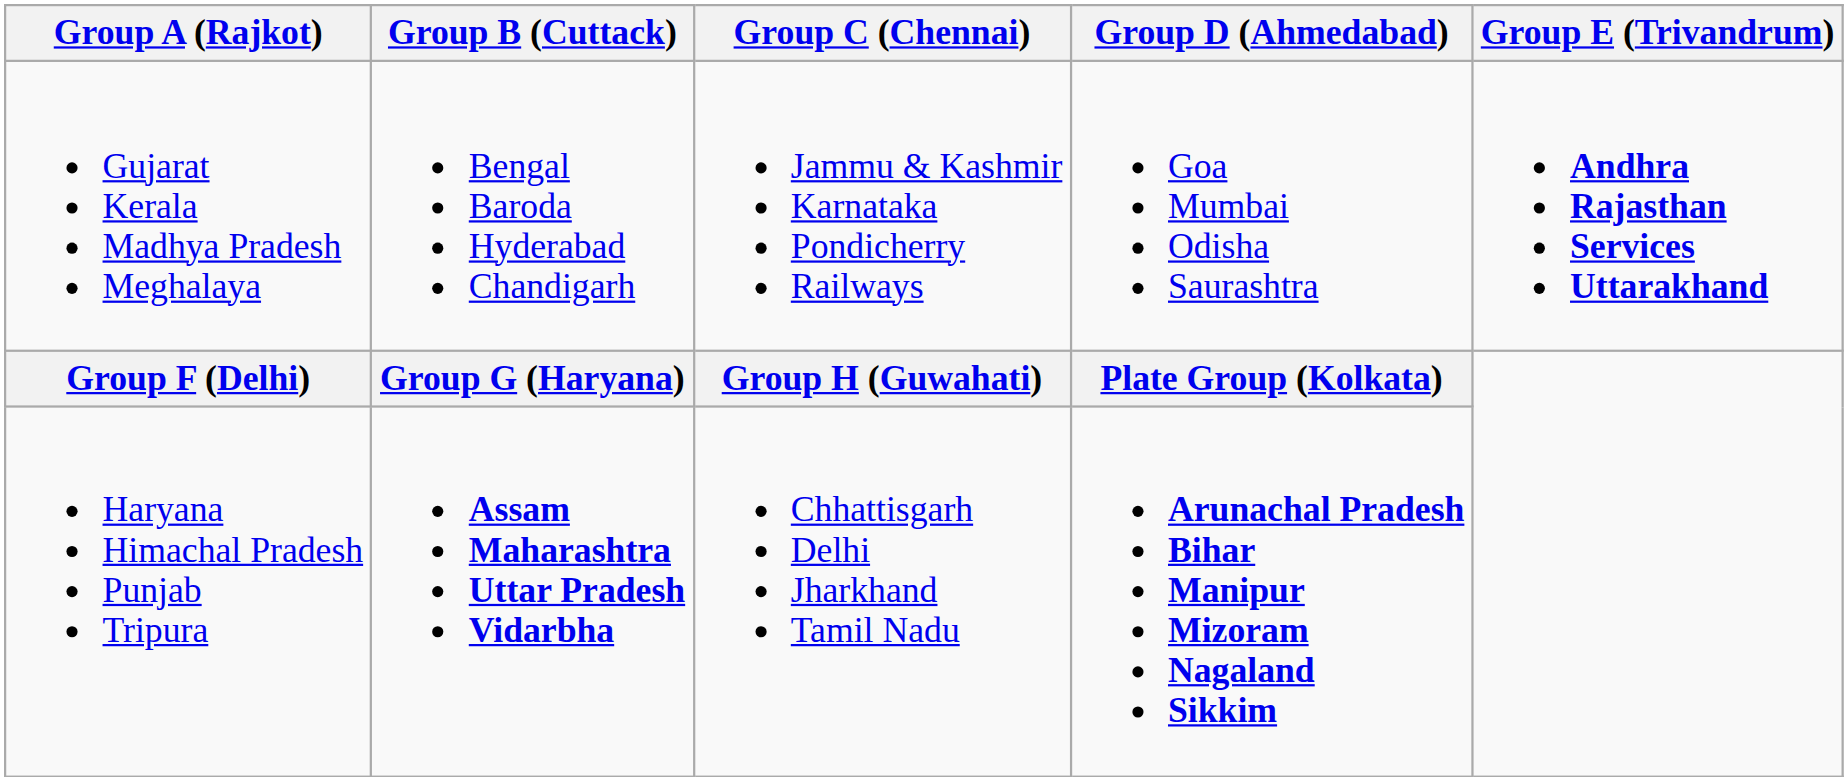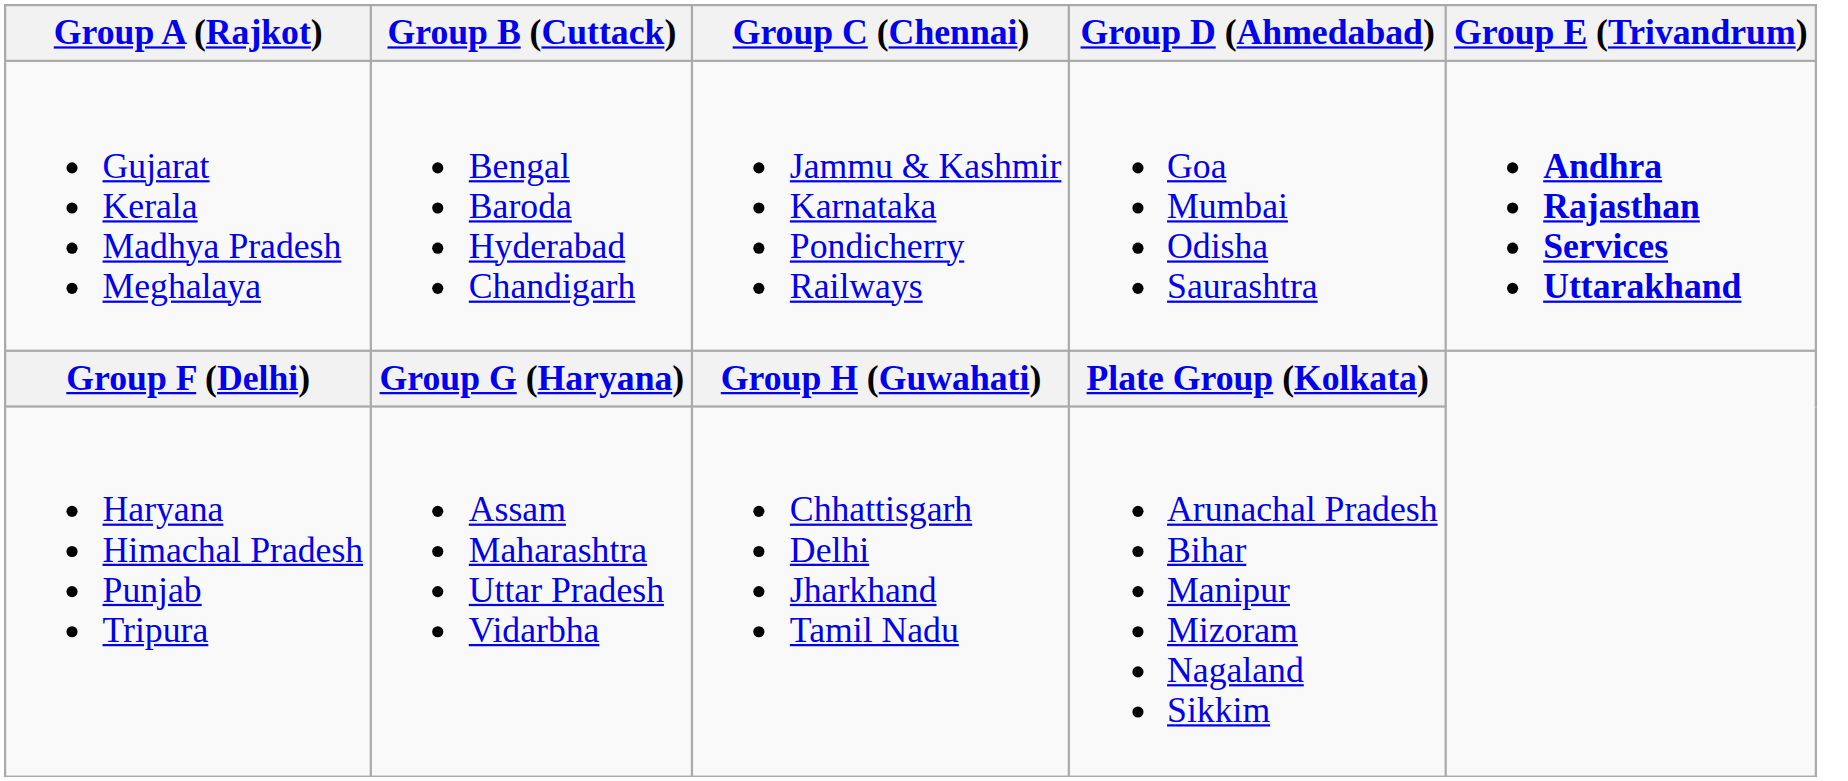 <table class="wikitable">
 <tr>
 <th><a href='#'>Group A</a> (<a href='#'>Rajkot</a>)</th>
 <th><a href='#'>Group B</a> (<a href='#'>Cuttack</a>)</th>
 <th><a href='#'>Group C</a> (<a href='#'>Chennai</a>)</th>
 <th><a href='#'>Group D</a> (<a href='#'>Ahmedabad</a>)</th>
 <th><a href='#'>Group E</a> (<a href='#'>Trivandrum</a>)</th>
 </tr>
 <tr>
 <td valign=top><br><ul><li><a href='#'>Gujarat</a></li><li><a href='#'>Kerala</a></li><li><a href='#'>Madhya Pradesh</a></li><li><a href='#'>Meghalaya</a></li></ul></td>
 <td valign=top><br><ul><li><a href='#'>Bengal</a></li><li><a href='#'>Baroda</a></li><li><a href='#'>Hyderabad</a></li><li><a href='#'>Chandigarh</a></li></ul></td>
 <td valign=top><br><ul><li><a href='#'>Jammu & Kashmir</a></li><li><a href='#'>Karnataka</a></li><li><a href='#'>Pondicherry</a></li><li><a href='#'>Railways</a></li></ul></td>
 <td valign=top><br><ul><li><a href='#'>Goa</a></li><li><a href='#'>Mumbai</a></li><li><a href='#'>Odisha</a></li><li><a href='#'>Saurashtra</a></li></ul></td>
 <td valign=top><strong><br><ul><li><a href='#'>Andhra</a></li><li><a href='#'>Rajasthan</a></li><li><a href='#'>Services</a></li><li><a href='#'>Uttarakhand</a></li></ul></strong></td>
 </tr>
 <tr>
 <th><a href='#'>Group F</a> (<a href='#'>Delhi</a>)</th>
 <th><a href='#'>Group G</a> (<a href='#'>Haryana</a>)</th>
 <th><a href='#'>Group H</a> (<a href='#'>Guwahati</a>)</th>
 <th><a href='#'>Plate Group</a> (<a href='#'>Kolkata</a>)</th>
 </tr>
 <tr>
 <td valign=top><br><ul><li><a href='#'>Haryana</a></li><li><a href='#'>Himachal Pradesh</a></li><li><a href='#'>Punjab</a></li><li><a href='#'>Tripura</a></li></ul></td>
-<td valign=top><strong><br><ul><li><a href='#'>Assam</a></li><li><a href='#'>Maharashtra</a></li><li><a href='#'>Uttar Pradesh</a></li><li><a href='#'>Vidarbha</a></li></ul></strong></td>
+<td valign=top><br><ul><li><a href='#'>Assam</a></li><li><a href='#'>Maharashtra</a></li><li><a href='#'>Uttar Pradesh</a></li><li><a href='#'>Vidarbha</a></li></ul></td>
 <td valign=top><br><ul><li><a href='#'>Chhattisgarh</a></li><li><a href='#'>Delhi</a></li><li><a href='#'>Jharkhand</a></li><li><a href='#'>Tamil Nadu</a></li></ul></td>
-<td valign=top><strong><br><ul><li><a href='#'>Arunachal Pradesh</a></li><li><a href='#'>Bihar</a></li><li><a href='#'>Manipur</a></li><li><a href='#'>Mizoram</a></li><li><a href='#'>Nagaland</a></li><li><a href='#'>Sikkim</a></li></ul></strong></td>
+<td valign=top><br><ul><li><a href='#'>Arunachal Pradesh</a></li><li><a href='#'>Bihar</a></li><li><a href='#'>Manipur</a></li><li><a href='#'>Mizoram</a></li><li><a href='#'>Nagaland</a></li><li><a href='#'>Sikkim</a></li></ul></td>
 </tr>
 </table>
